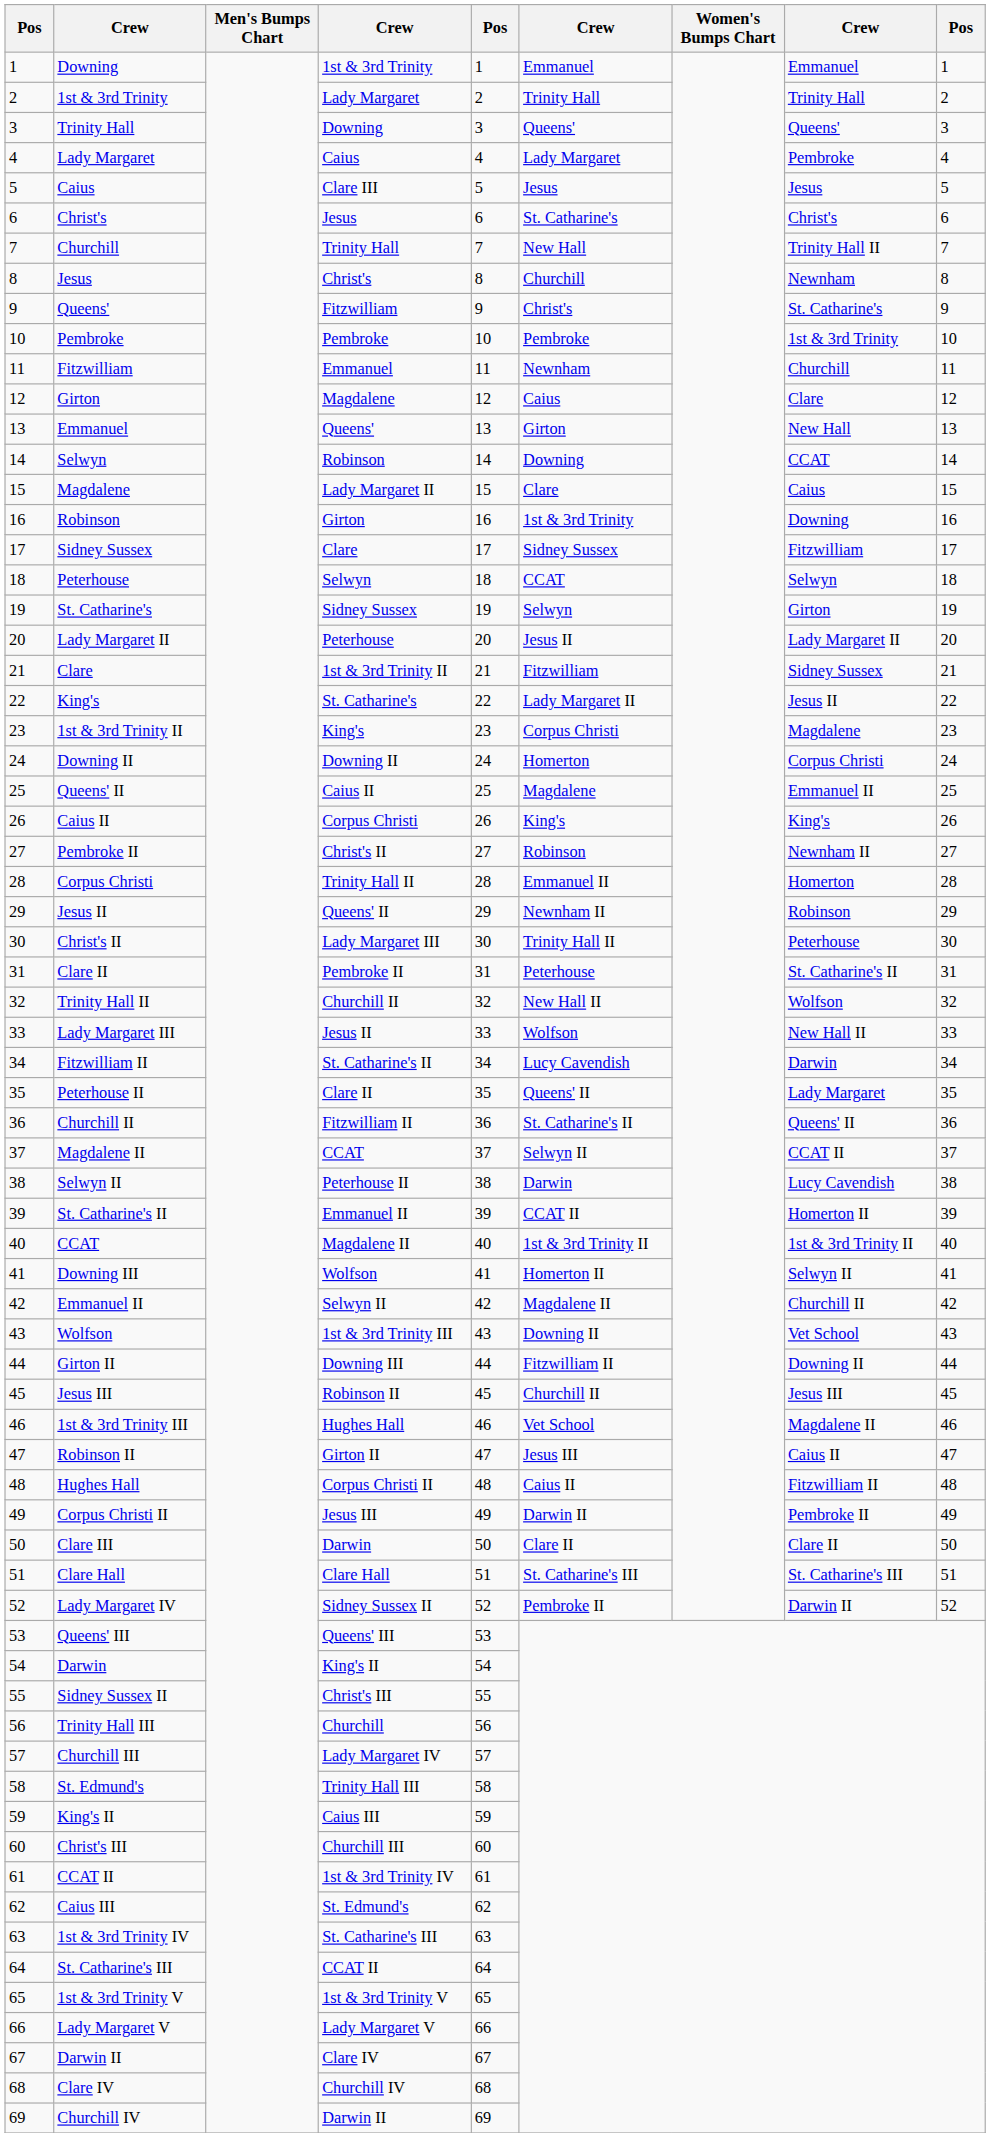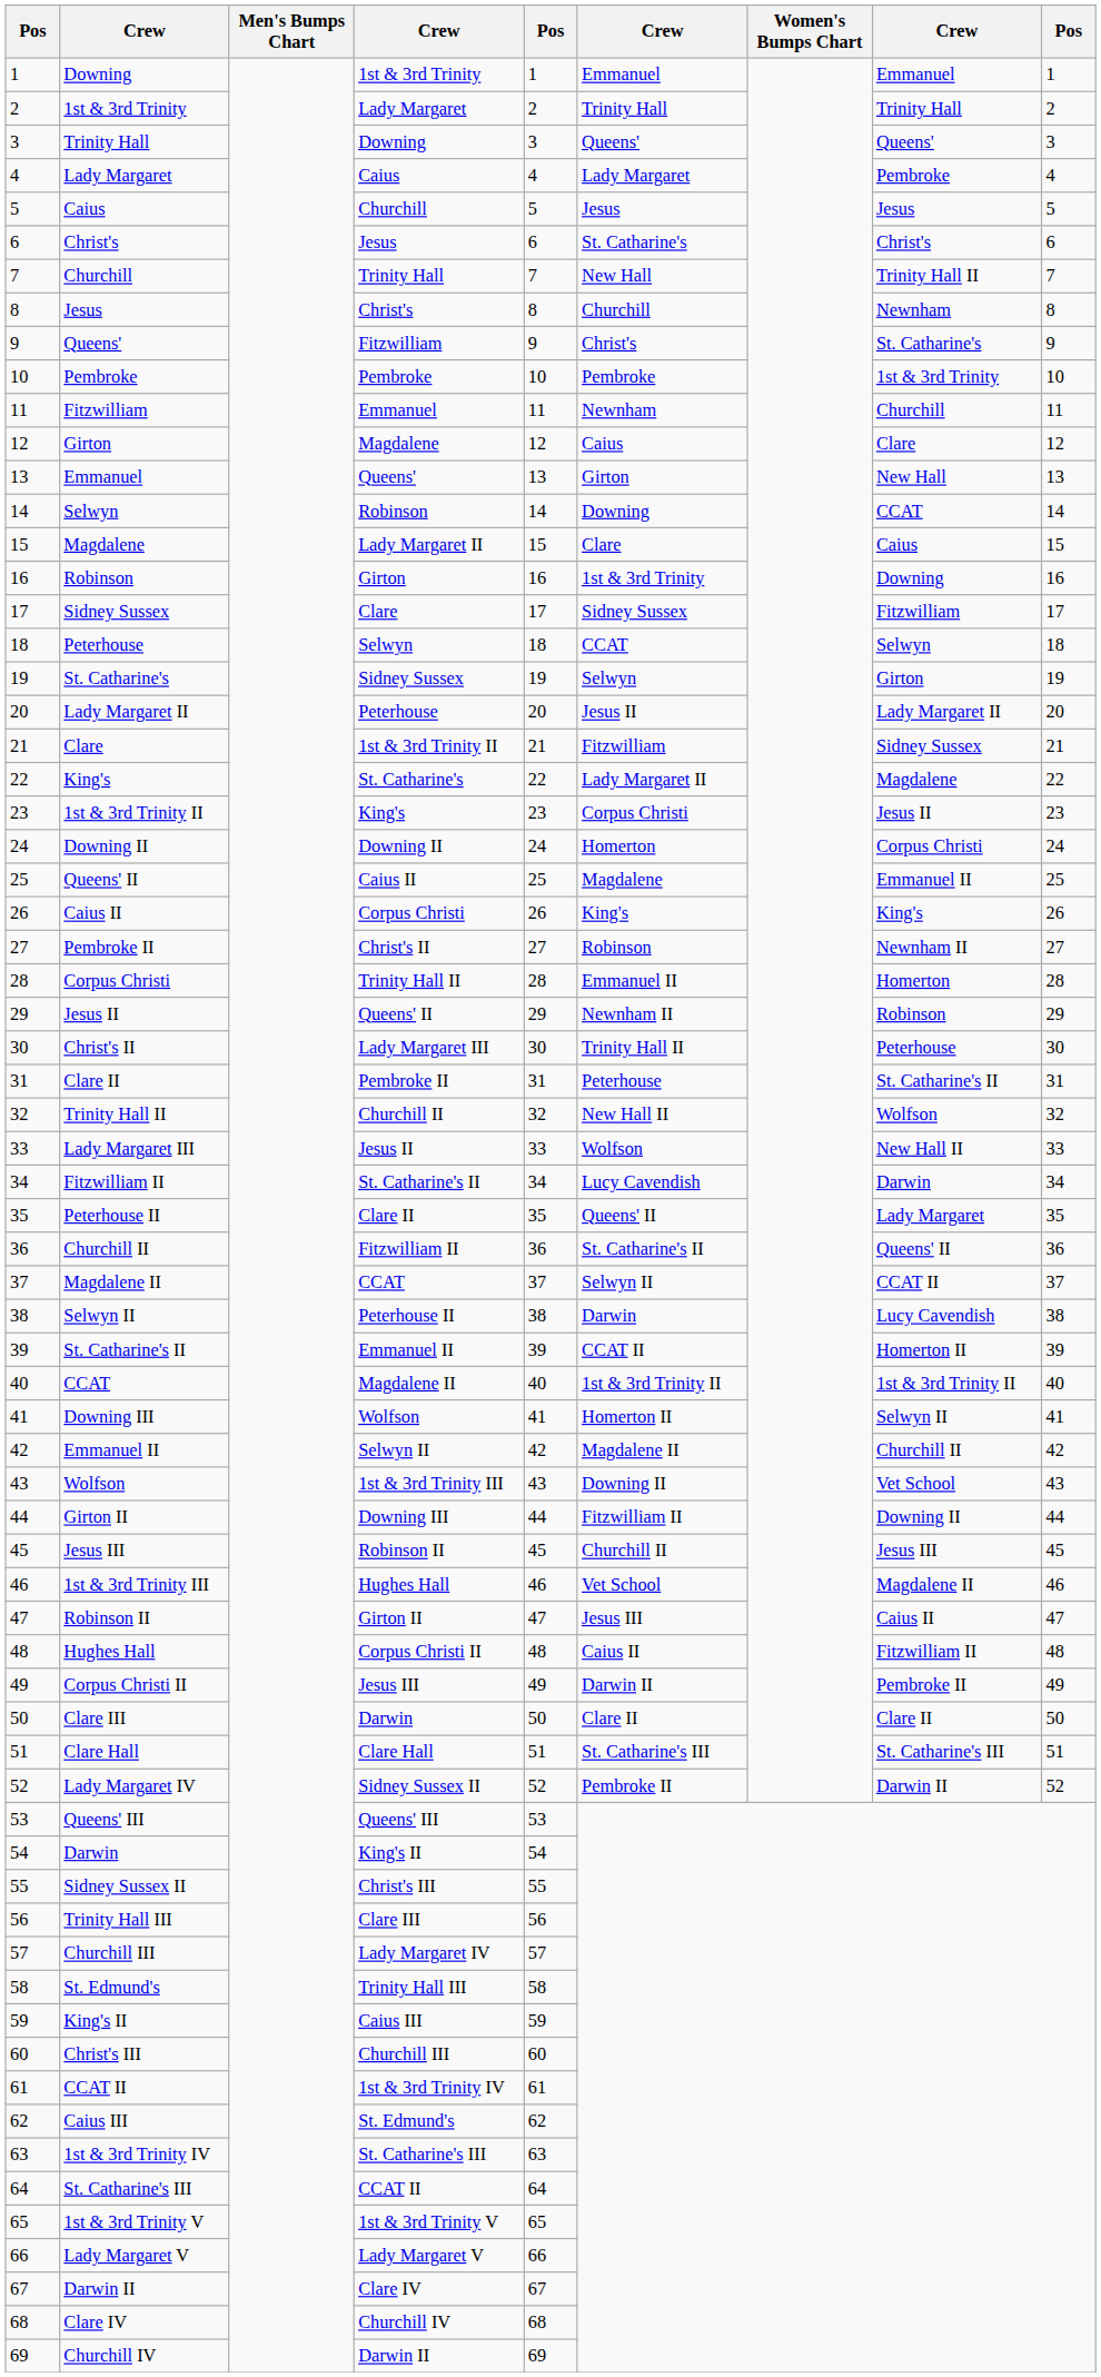 <table class="wikitable" style="font-size:88%; white-space:nowrap; margin:0.5em auto">
 <tr style="white-space:normal">
 <th width=35>Pos</th>
 <th width=125>Crew</th>
 <th width=90>Men's Bumps Chart</th>
 <th width=125>Crew</th>
 <th width=35>Pos</th>
 <th width=125>Crew</th>
 <th width=90>Women's Bumps Chart</th>
 <th width=125>Crew</th>
 <th width=35>Pos</th>
 </tr>
 <tr style="height:26px">
 <td>1</td>
 <td><a href='#'>Downing</a></td>
 <td rowspan="69" style="padding:0"></td>
 <td><a href='#'>1st & 3rd Trinity</a></td>
 <td>1</td>
 <td><a href='#'>Emmanuel</a></td>
 <td rowspan="52" style="padding:0"></td>
 <td><a href='#'>Emmanuel</a></td>
 <td>1</td>
 </tr>
 <tr style="height:26px">
 <td>2</td>
 <td><a href='#'>1st & 3rd Trinity</a></td>
 <td><a href='#'>Lady Margaret</a></td>
 <td>2</td>
 <td><a href='#'>Trinity Hall</a></td>
 <td><a href='#'>Trinity Hall</a></td>
 <td>2</td>
 </tr>
 <tr style="height:26px">
 <td>3</td>
 <td><a href='#'>Trinity Hall</a></td>
 <td><a href='#'>Downing</a></td>
 <td>3</td>
 <td><a href='#'>Queens'</a></td>
 <td><a href='#'>Queens'</a></td>
 <td>3</td>
 </tr>
 <tr style="height:26px">
 <td>4</td>
 <td><a href='#'>Lady Margaret</a></td>
 <td><a href='#'>Caius</a></td>
 <td>4</td>
 <td><a href='#'>Lady Margaret</a></td>
 <td><a href='#'>Pembroke</a></td>
 <td>4</td>
 </tr>
 <tr style="height:26px">
 <td>5</td>
 <td><a href='#'>Caius</a></td>
-<td><a href='#'>Clare</a> III</td>
+<td><a href='#'>Churchill</a></td>
 <td>5</td>
 <td><a href='#'>Jesus</a></td>
 <td><a href='#'>Jesus</a></td>
 <td>5</td>
 </tr>
 <tr style="height:26px">
 <td>6</td>
 <td><a href='#'>Christ's</a></td>
 <td><a href='#'>Jesus</a></td>
 <td>6</td>
 <td><a href='#'>St. Catharine's</a></td>
 <td><a href='#'>Christ's</a></td>
 <td>6</td>
 </tr>
 <tr style="height:26px">
 <td>7</td>
 <td><a href='#'>Churchill</a></td>
 <td><a href='#'>Trinity Hall</a></td>
 <td>7</td>
 <td><a href='#'>New Hall</a></td>
 <td><a href='#'>Trinity Hall</a> II</td>
 <td>7</td>
 </tr>
 <tr style="height:26px">
 <td>8</td>
 <td><a href='#'>Jesus</a></td>
 <td><a href='#'>Christ's</a></td>
 <td>8</td>
 <td><a href='#'>Churchill</a></td>
 <td><a href='#'>Newnham</a></td>
 <td>8</td>
 </tr>
 <tr style="height:26px">
 <td>9</td>
 <td><a href='#'>Queens'</a></td>
 <td><a href='#'>Fitzwilliam</a></td>
 <td>9</td>
 <td><a href='#'>Christ's</a></td>
 <td><a href='#'>St. Catharine's</a></td>
 <td>9</td>
 </tr>
 <tr style="height:26px">
 <td>10</td>
 <td><a href='#'>Pembroke</a></td>
 <td><a href='#'>Pembroke</a></td>
 <td>10</td>
 <td><a href='#'>Pembroke</a></td>
 <td><a href='#'>1st & 3rd Trinity</a></td>
 <td>10</td>
 </tr>
 <tr style="height:26px">
 <td>11</td>
 <td><a href='#'>Fitzwilliam</a></td>
 <td><a href='#'>Emmanuel</a></td>
 <td>11</td>
 <td><a href='#'>Newnham</a></td>
 <td><a href='#'>Churchill</a></td>
 <td>11</td>
 </tr>
 <tr style="height:26px">
 <td>12</td>
 <td><a href='#'>Girton</a></td>
 <td><a href='#'>Magdalene</a></td>
 <td>12</td>
 <td><a href='#'>Caius</a></td>
 <td><a href='#'>Clare</a></td>
 <td>12</td>
 </tr>
 <tr style="height:26px">
 <td>13</td>
 <td><a href='#'>Emmanuel</a></td>
 <td><a href='#'>Queens'</a></td>
 <td>13</td>
 <td><a href='#'>Girton</a></td>
 <td><a href='#'>New Hall</a></td>
 <td>13</td>
 </tr>
 <tr style="height:26px">
 <td>14</td>
 <td><a href='#'>Selwyn</a></td>
 <td><a href='#'>Robinson</a></td>
 <td>14</td>
 <td><a href='#'>Downing</a></td>
 <td><a href='#'>CCAT</a></td>
 <td>14</td>
 </tr>
 <tr style="height:26px">
 <td>15</td>
 <td><a href='#'>Magdalene</a></td>
 <td><a href='#'>Lady Margaret</a> II</td>
 <td>15</td>
 <td><a href='#'>Clare</a></td>
 <td><a href='#'>Caius</a></td>
 <td>15</td>
 </tr>
 <tr style="height:26px">
 <td>16</td>
 <td><a href='#'>Robinson</a></td>
 <td><a href='#'>Girton</a></td>
 <td>16</td>
 <td><a href='#'>1st & 3rd Trinity</a></td>
 <td><a href='#'>Downing</a></td>
 <td>16</td>
 </tr>
 <tr style="height:26px">
 <td>17</td>
 <td><a href='#'>Sidney Sussex</a></td>
 <td><a href='#'>Clare</a></td>
 <td>17</td>
 <td><a href='#'>Sidney Sussex</a></td>
 <td><a href='#'>Fitzwilliam</a></td>
 <td>17</td>
 </tr>
 <tr style="height:26px">
 <td>18</td>
 <td><a href='#'>Peterhouse</a></td>
 <td><a href='#'>Selwyn</a></td>
 <td>18</td>
 <td><a href='#'>CCAT</a></td>
 <td><a href='#'>Selwyn</a></td>
 <td>18</td>
 </tr>
 <tr style="height:26px">
 <td>19</td>
 <td><a href='#'>St. Catharine's</a></td>
 <td><a href='#'>Sidney Sussex</a></td>
 <td>19</td>
 <td><a href='#'>Selwyn</a></td>
 <td><a href='#'>Girton</a></td>
 <td>19</td>
 </tr>
 <tr style="height:26px">
 <td>20</td>
 <td><a href='#'>Lady Margaret</a> II</td>
 <td><a href='#'>Peterhouse</a></td>
 <td>20</td>
 <td><a href='#'>Jesus</a> II</td>
 <td><a href='#'>Lady Margaret</a> II</td>
 <td>20</td>
 </tr>
 <tr style="height:26px">
 <td>21</td>
 <td><a href='#'>Clare</a></td>
 <td><a href='#'>1st & 3rd Trinity</a> II</td>
 <td>21</td>
 <td><a href='#'>Fitzwilliam</a></td>
 <td><a href='#'>Sidney Sussex</a></td>
 <td>21</td>
 </tr>
 <tr style="height:26px">
 <td>22</td>
 <td><a href='#'>King's</a></td>
 <td><a href='#'>St. Catharine's</a></td>
 <td>22</td>
 <td><a href='#'>Lady Margaret</a> II</td>
-<td><a href='#'>Jesus</a> II</td>
+<td><a href='#'>Magdalene</a></td>
 <td>22</td>
 </tr>
 <tr style="height:26px">
 <td>23</td>
 <td><a href='#'>1st & 3rd Trinity</a> II</td>
 <td><a href='#'>King's</a></td>
 <td>23</td>
 <td><a href='#'>Corpus Christi</a></td>
-<td><a href='#'>Magdalene</a></td>
+<td><a href='#'>Jesus</a> II</td>
 <td>23</td>
 </tr>
 <tr style="height:26px">
 <td>24</td>
 <td><a href='#'>Downing</a> II</td>
 <td><a href='#'>Downing</a> II</td>
 <td>24</td>
 <td><a href='#'>Homerton</a></td>
 <td><a href='#'>Corpus Christi</a></td>
 <td>24</td>
 </tr>
 <tr style="height:26px">
 <td>25</td>
 <td><a href='#'>Queens'</a> II</td>
 <td><a href='#'>Caius</a> II</td>
 <td>25</td>
 <td><a href='#'>Magdalene</a></td>
 <td><a href='#'>Emmanuel</a> II</td>
 <td>25</td>
 </tr>
 <tr style="height:26px">
 <td>26</td>
 <td><a href='#'>Caius</a> II</td>
 <td><a href='#'>Corpus Christi</a></td>
 <td>26</td>
 <td><a href='#'>King's</a></td>
 <td><a href='#'>King's</a></td>
 <td>26</td>
 </tr>
 <tr style="height:26px">
 <td>27</td>
 <td><a href='#'>Pembroke</a> II</td>
 <td><a href='#'>Christ's</a> II</td>
 <td>27</td>
 <td><a href='#'>Robinson</a></td>
 <td><a href='#'>Newnham</a> II</td>
 <td>27</td>
 </tr>
 <tr style="height:26px">
 <td>28</td>
 <td><a href='#'>Corpus Christi</a></td>
 <td><a href='#'>Trinity Hall</a> II</td>
 <td>28</td>
 <td><a href='#'>Emmanuel</a> II</td>
 <td><a href='#'>Homerton</a></td>
 <td>28</td>
 </tr>
 <tr style="height:26px">
 <td>29</td>
 <td><a href='#'>Jesus</a> II</td>
 <td><a href='#'>Queens'</a> II</td>
 <td>29</td>
 <td><a href='#'>Newnham</a> II</td>
 <td><a href='#'>Robinson</a></td>
 <td>29</td>
 </tr>
 <tr style="height:26px">
 <td>30</td>
 <td><a href='#'>Christ's</a> II</td>
 <td><a href='#'>Lady Margaret</a> III</td>
 <td>30</td>
 <td><a href='#'>Trinity Hall</a> II</td>
 <td><a href='#'>Peterhouse</a></td>
 <td>30</td>
 </tr>
 <tr style="height:26px">
 <td>31</td>
 <td><a href='#'>Clare</a> II</td>
 <td><a href='#'>Pembroke</a> II</td>
 <td>31</td>
 <td><a href='#'>Peterhouse</a></td>
 <td><a href='#'>St. Catharine's</a> II</td>
 <td>31</td>
 </tr>
 <tr style="height:26px">
 <td>32</td>
 <td><a href='#'>Trinity Hall</a> II</td>
 <td><a href='#'>Churchill</a> II</td>
 <td>32</td>
 <td><a href='#'>New Hall</a> II</td>
 <td><a href='#'>Wolfson</a></td>
 <td>32</td>
 </tr>
 <tr style="height:26px">
 <td>33</td>
 <td><a href='#'>Lady Margaret</a> III</td>
 <td><a href='#'>Jesus</a> II</td>
 <td>33</td>
 <td><a href='#'>Wolfson</a></td>
 <td><a href='#'>New Hall</a> II</td>
 <td>33</td>
 </tr>
 <tr style="height:26px">
 <td>34</td>
 <td><a href='#'>Fitzwilliam</a> II</td>
 <td><a href='#'>St. Catharine's</a> II</td>
 <td>34</td>
 <td><a href='#'>Lucy Cavendish</a></td>
 <td><a href='#'>Darwin</a></td>
 <td>34</td>
 </tr>
 <tr style="height:26px">
 <td>35</td>
 <td><a href='#'>Peterhouse</a> II</td>
 <td><a href='#'>Clare</a> II</td>
 <td>35</td>
 <td><a href='#'>Queens'</a> II</td>
 <td><a href='#'>Lady Margaret</a></td>
 <td>35</td>
 </tr>
 <tr style="height:26px">
 <td>36</td>
 <td><a href='#'>Churchill</a> II</td>
 <td><a href='#'>Fitzwilliam</a> II</td>
 <td>36</td>
 <td><a href='#'>St. Catharine's</a> II</td>
 <td><a href='#'>Queens'</a> II</td>
 <td>36</td>
 </tr>
 <tr style="height:26px">
 <td>37</td>
 <td><a href='#'>Magdalene</a> II</td>
 <td><a href='#'>CCAT</a></td>
 <td>37</td>
 <td><a href='#'>Selwyn</a> II</td>
 <td><a href='#'>CCAT</a> II</td>
 <td>37</td>
 </tr>
 <tr style="height:26px">
 <td>38</td>
 <td><a href='#'>Selwyn</a> II</td>
 <td><a href='#'>Peterhouse</a> II</td>
 <td>38</td>
 <td><a href='#'>Darwin</a></td>
 <td><a href='#'>Lucy Cavendish</a></td>
 <td>38</td>
 </tr>
 <tr style="height:26px">
 <td>39</td>
 <td><a href='#'>St. Catharine's</a> II</td>
 <td><a href='#'>Emmanuel</a> II</td>
 <td>39</td>
 <td><a href='#'>CCAT</a> II</td>
 <td><a href='#'>Homerton</a> II</td>
 <td>39</td>
 </tr>
 <tr style="height:26px">
 <td>40</td>
 <td><a href='#'>CCAT</a></td>
 <td><a href='#'>Magdalene</a> II</td>
 <td>40</td>
 <td><a href='#'>1st & 3rd Trinity</a> II</td>
 <td><a href='#'>1st & 3rd Trinity</a> II</td>
 <td>40</td>
 </tr>
 <tr style="height:26px">
 <td>41</td>
 <td><a href='#'>Downing</a> III</td>
 <td><a href='#'>Wolfson</a></td>
 <td>41</td>
 <td><a href='#'>Homerton</a> II</td>
 <td><a href='#'>Selwyn</a> II</td>
 <td>41</td>
 </tr>
 <tr style="height:26px">
 <td>42</td>
 <td><a href='#'>Emmanuel</a> II</td>
 <td><a href='#'>Selwyn</a> II</td>
 <td>42</td>
 <td><a href='#'>Magdalene</a> II</td>
 <td><a href='#'>Churchill</a> II</td>
 <td>42</td>
 </tr>
 <tr style="height:26px">
 <td>43</td>
 <td><a href='#'>Wolfson</a></td>
 <td><a href='#'>1st & 3rd Trinity</a> III</td>
 <td>43</td>
 <td><a href='#'>Downing</a> II</td>
 <td><a href='#'>Vet School</a></td>
 <td>43</td>
 </tr>
 <tr style="height:26px">
 <td>44</td>
 <td><a href='#'>Girton</a> II</td>
 <td><a href='#'>Downing</a> III</td>
 <td>44</td>
 <td><a href='#'>Fitzwilliam</a> II</td>
 <td><a href='#'>Downing</a> II</td>
 <td>44</td>
 </tr>
 <tr style="height:26px">
 <td>45</td>
 <td><a href='#'>Jesus</a> III</td>
 <td><a href='#'>Robinson</a> II</td>
 <td>45</td>
 <td><a href='#'>Churchill</a> II</td>
 <td><a href='#'>Jesus</a> III</td>
 <td>45</td>
 </tr>
 <tr style="height:26px">
 <td>46</td>
 <td><a href='#'>1st & 3rd Trinity</a> III</td>
 <td><a href='#'>Hughes Hall</a></td>
 <td>46</td>
 <td><a href='#'>Vet School</a></td>
 <td><a href='#'>Magdalene</a> II</td>
 <td>46</td>
 </tr>
 <tr style="height:26px">
 <td>47</td>
 <td><a href='#'>Robinson</a> II</td>
 <td><a href='#'>Girton</a> II</td>
 <td>47</td>
 <td><a href='#'>Jesus</a> III</td>
 <td><a href='#'>Caius</a> II</td>
 <td>47</td>
 </tr>
 <tr style="height:26px">
 <td>48</td>
 <td><a href='#'>Hughes Hall</a></td>
 <td><a href='#'>Corpus Christi</a> II</td>
 <td>48</td>
 <td><a href='#'>Caius</a> II</td>
 <td><a href='#'>Fitzwilliam</a> II</td>
 <td>48</td>
 </tr>
 <tr style="height:26px">
 <td>49</td>
 <td><a href='#'>Corpus Christi</a> II</td>
 <td><a href='#'>Jesus</a> III</td>
 <td>49</td>
 <td><a href='#'>Darwin</a> II</td>
 <td><a href='#'>Pembroke</a> II</td>
 <td>49</td>
 </tr>
 <tr style="height:26px">
 <td>50</td>
 <td><a href='#'>Clare</a> III</td>
 <td><a href='#'>Darwin</a></td>
 <td>50</td>
 <td><a href='#'>Clare</a> II</td>
 <td><a href='#'>Clare</a> II</td>
 <td>50</td>
 </tr>
 <tr style="height:26px">
 <td>51</td>
 <td><a href='#'>Clare Hall</a></td>
 <td><a href='#'>Clare Hall</a></td>
 <td>51</td>
 <td><a href='#'>St. Catharine's</a> III</td>
 <td><a href='#'>St. Catharine's</a> III</td>
 <td>51</td>
 </tr>
 <tr style="height:26px">
 <td>52</td>
 <td><a href='#'>Lady Margaret</a> IV</td>
 <td><a href='#'>Sidney Sussex</a> II</td>
 <td>52</td>
 <td><a href='#'>Pembroke</a> II</td>
 <td><a href='#'>Darwin</a> II</td>
 <td>52</td>
 </tr>
 <tr style="height:26px">
 <td>53</td>
 <td><a href='#'>Queens'</a> III</td>
 <td><a href='#'>Queens'</a> III</td>
 <td>53</td>
 <td colspan="4" rowspan="17"> </td>
 </tr>
 <tr style="height:26px">
 <td>54</td>
 <td><a href='#'>Darwin</a></td>
 <td><a href='#'>King's</a> II</td>
 <td>54</td>
 </tr>
 <tr style="height:26px">
 <td>55</td>
 <td><a href='#'>Sidney Sussex</a> II</td>
 <td><a href='#'>Christ's</a> III</td>
 <td>55</td>
 </tr>
 <tr style="height:26px">
 <td>56</td>
 <td><a href='#'>Trinity Hall</a> III</td>
-<td><a href='#'>Churchill</a></td>
+<td><a href='#'>Clare</a> III</td>
 <td>56</td>
 </tr>
 <tr style="height:26px">
 <td>57</td>
 <td><a href='#'>Churchill</a> III</td>
 <td><a href='#'>Lady Margaret</a> IV</td>
 <td>57</td>
 </tr>
 <tr style="height:26px">
 <td>58</td>
 <td><a href='#'>St. Edmund's</a></td>
 <td><a href='#'>Trinity Hall</a> III</td>
 <td>58</td>
 </tr>
 <tr style="height:26px">
 <td>59</td>
 <td><a href='#'>King's</a> II</td>
 <td><a href='#'>Caius</a> III</td>
 <td>59</td>
 </tr>
 <tr style="height:26px">
 <td>60</td>
 <td><a href='#'>Christ's</a> III</td>
 <td><a href='#'>Churchill</a> III</td>
 <td>60</td>
 </tr>
 <tr style="height:26px">
 <td>61</td>
 <td><a href='#'>CCAT</a> II</td>
 <td><a href='#'>1st & 3rd Trinity</a> IV</td>
 <td>61</td>
 </tr>
 <tr style="height:26px">
 <td>62</td>
 <td><a href='#'>Caius</a> III</td>
 <td><a href='#'>St. Edmund's</a></td>
 <td>62</td>
 </tr>
 <tr style="height:26px">
 <td>63</td>
 <td><a href='#'>1st & 3rd Trinity</a> IV</td>
 <td><a href='#'>St. Catharine's</a> III</td>
 <td>63</td>
 </tr>
 <tr style="height:26px">
 <td>64</td>
 <td><a href='#'>St. Catharine's</a> III</td>
 <td><a href='#'>CCAT</a> II</td>
 <td>64</td>
 </tr>
 <tr style="height:26px">
 <td>65</td>
 <td><a href='#'>1st & 3rd Trinity</a> V</td>
 <td><a href='#'>1st & 3rd Trinity</a> V</td>
 <td>65</td>
 </tr>
 <tr style="height:26px">
 <td>66</td>
 <td><a href='#'>Lady Margaret</a> V</td>
 <td><a href='#'>Lady Margaret</a> V</td>
 <td>66</td>
 </tr>
 <tr style="height:26px">
 <td>67</td>
 <td><a href='#'>Darwin</a> II</td>
 <td><a href='#'>Clare</a> IV</td>
 <td>67</td>
 </tr>
 <tr style="height:26px">
 <td>68</td>
 <td><a href='#'>Clare</a> IV</td>
 <td><a href='#'>Churchill</a> IV</td>
 <td>68</td>
 </tr>
 <tr style="height:26px">
 <td>69</td>
 <td><a href='#'>Churchill</a> IV</td>
 <td><a href='#'>Darwin</a> II</td>
 <td>69</td>
 </tr>
 <tr>
 </tr>
 </table>
